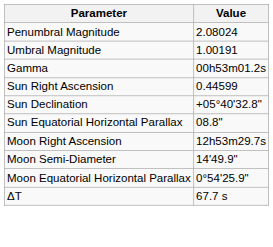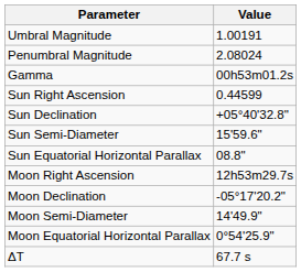 <table class="wikitable">
 <tr>
 <th>Parameter</th>
 <th>Value</th>
 </tr>
 <tr>
+<td>Umbral Magnitude</td>
+<td>1.00191</td>
+</tr>
+<tr>
 <td>Penumbral Magnitude</td>
 <td>2.08024</td>
-</tr>
-<tr>
-<td>Umbral Magnitude</td>
-<td>1.00191</td>
 </tr>
 <tr>
 <td>Gamma</td>
 <td>00h53m01.2s</td>
 </tr>
 <tr>
 <td>Sun Right Ascension</td>
 <td>0.44599</td>
 </tr>
 <tr>
 <td>Sun Declination</td>
 <td>+05°40'32.8"</td>
 </tr>
 <tr>
+<td>Sun Semi-Diameter</td>
+<td>15'59.6"</td>
+</tr>
+<tr>
 <td>Sun Equatorial Horizontal Parallax</td>
 <td>08.8"</td>
 </tr>
 <tr>
 <td>Moon Right Ascension</td>
 <td>12h53m29.7s</td>
+</tr>
+<tr>
+<td>Moon Declination</td>
+<td>-05°17'20.2"</td>
 </tr>
 <tr>
 <td>Moon Semi-Diameter</td>
 <td>14'49.9"</td>
 </tr>
 <tr>
 <td>Moon Equatorial Horizontal Parallax</td>
 <td>0°54'25.9"</td>
 </tr>
 <tr>
 <td>ΔT</td>
 <td>67.7 s</td>
 </tr>
 </table>
